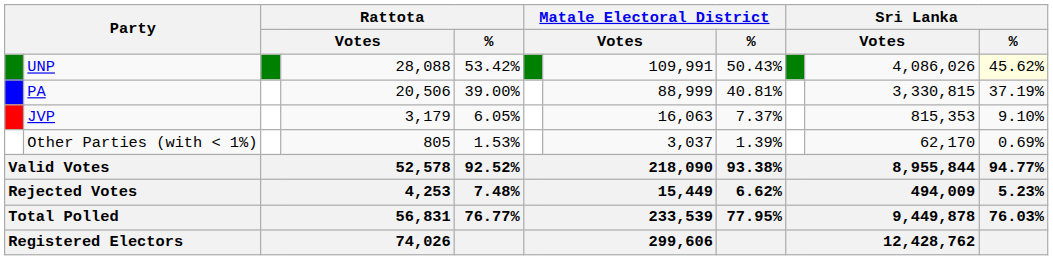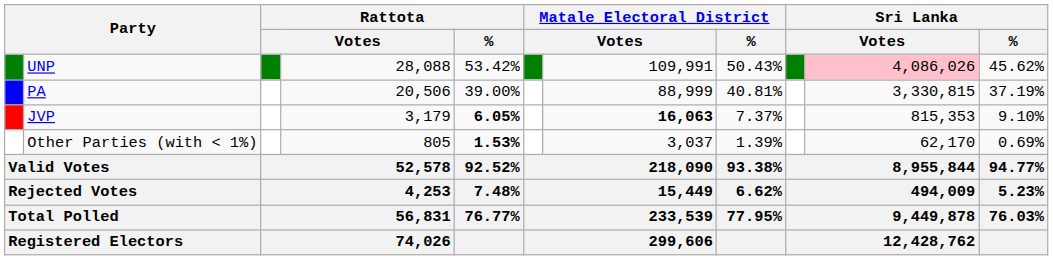 <table class="wikitable">
 <tr>
 <th colspan="2" width="144px"rowspan="2">Party</th>
 <th colspan="3" width="216px">Rattota</th>
 <th colspan="3" width="216px"><a href='#'>Matale Electoral District</a></th>
 <th colspan="3" width="216px">Sri Lanka</th>
 </tr>
 <tr>
 <th colspan="2" width="144px">Votes</th>
 <th>%</th>
 <th colspan="2" width="144px">Votes</th>
 <th>%</th>
 <th colspan="2" width="144px">Votes</th>
 <th>%</th>
 </tr>
 <tr>
 <td style="background-color:green;" width="10px"></td>
 <td style="text-align:left;"><a href='#'>UNP</a></td>
 <td style="background-color:green;" width="10px"></td>
 <td style="text-align:right;">28,088</td>
 <td style="text-align:right;">53.42%</td>
 <td style="background-color:green;" width="10px"></td>
 <td style="text-align:right;">109,991</td>
 <td style="text-align:right;">50.43%</td>
 <td style="background-color:green;" width="10px"></td>
-<td style="text-align:right;">4,086,026</td>
-<td style="background: lightyellow; text-align:right;">45.62%</td>
+<td style="background: pink; text-align:right;">4,086,026</td>
+<td style="text-align:right;">45.62%</td>
 </tr>
 <tr>
 <td style="background-color:blue;" width="10px"></td>
 <td style="text-align:left;"><a href='#'>PA</a></td>
 <td style="background-color:white;" width="10px"></td>
 <td style="text-align:right;">20,506</td>
 <td style="text-align:right;">39.00%</td>
 <td style="background-color:white;" width="10px"></td>
 <td style="text-align:right;">88,999</td>
 <td style="text-align:right;">40.81%</td>
 <td style="background-color:white;" width="10px"></td>
 <td style="text-align:right;">3,330,815</td>
 <td style="text-align:right;">37.19%</td>
 </tr>
 <tr>
 <td style="background-color:red;" width="10px"></td>
 <td style="text-align:left;"><a href='#'>JVP</a></td>
 <td style="background-color:white;" width="10px"></td>
 <td style="text-align:right;">3,179</td>
-<td style="text-align:right;">6.05%</td>
+<td style="text-align:right;"><strong>6.05%</strong></td>
 <td style="background-color:white;" width="10px"></td>
-<td style="text-align:right;">16,063</td>
+<td style="text-align:right;"><strong>16,063</strong></td>
 <td style="text-align:right;">7.37%</td>
 <td style="background-color:white;" width="10px"></td>
 <td style="text-align:right;">815,353</td>
 <td style="text-align:right;">9.10%</td>
 </tr>
 <tr>
 <td style="background-color:white;" width="10px"></td>
 <td style="text-align:left;">Other Parties (with < 1%)</td>
 <td style="background-color:white;" width="10px"></td>
 <td style="text-align:right;">805</td>
-<td style="text-align:right;">1.53%</td>
+<td style="text-align:right;"><strong>1.53%</strong></td>
 <td style="background-color:white;" width="10px"></td>
 <td style="text-align:right;">3,037</td>
 <td style="text-align:right;">1.39%</td>
 <td style="background-color:white;" width="10px"></td>
 <td style="text-align:right;">62,170</td>
 <td style="text-align:right;">0.69%</td>
 </tr>
 <tr>
 <th colspan="2" width="144px"style="text-align:left;">Valid Votes</th>
 <th style="text-align:right;"colspan="2" width="144px">52,578</th>
 <th style="text-align:right;">92.52%</th>
 <th style="text-align:right;"colspan="2" width="144px">218,090</th>
 <th style="text-align:right;">93.38%</th>
 <th style="text-align:right;"colspan="2" width="144px">8,955,844</th>
 <th style="text-align:right;">94.77%</th>
 </tr>
 <tr>
 <th colspan="2" width="144px"style="text-align:left;">Rejected Votes</th>
 <th style="text-align:right;"colspan="2" width="144px">4,253</th>
 <th style="text-align:right;">7.48%</th>
 <th style="text-align:right;"colspan="2" width="144px">15,449</th>
 <th style="text-align:right;">6.62%</th>
 <th style="text-align:right;"colspan="2" width="144px">494,009</th>
 <th style="text-align:right;">5.23%</th>
 </tr>
 <tr>
 <th colspan="2" width="144px"style="text-align:left;">Total Polled</th>
 <th style="text-align:right;"colspan="2" width="144px">56,831</th>
 <th style="text-align:right;">76.77%</th>
 <th style="text-align:right;"colspan="2" width="144px">233,539</th>
 <th style="text-align:right;">77.95%</th>
 <th style="text-align:right;"colspan="2" width="144px">9,449,878</th>
 <th style="text-align:right;">76.03%</th>
 </tr>
 <tr>
 <th colspan="2" width="144px"style="text-align:left;">Registered Electors</th>
 <th style="text-align:right;"colspan="2" width="144px">74,026</th>
 <th></th>
 <th style="text-align:right;"colspan="2" width="144px">299,606</th>
 <th></th>
 <th style="text-align:right;"colspan="2" width="144px">12,428,762</th>
 <th></th>
 </tr>
 </table>
